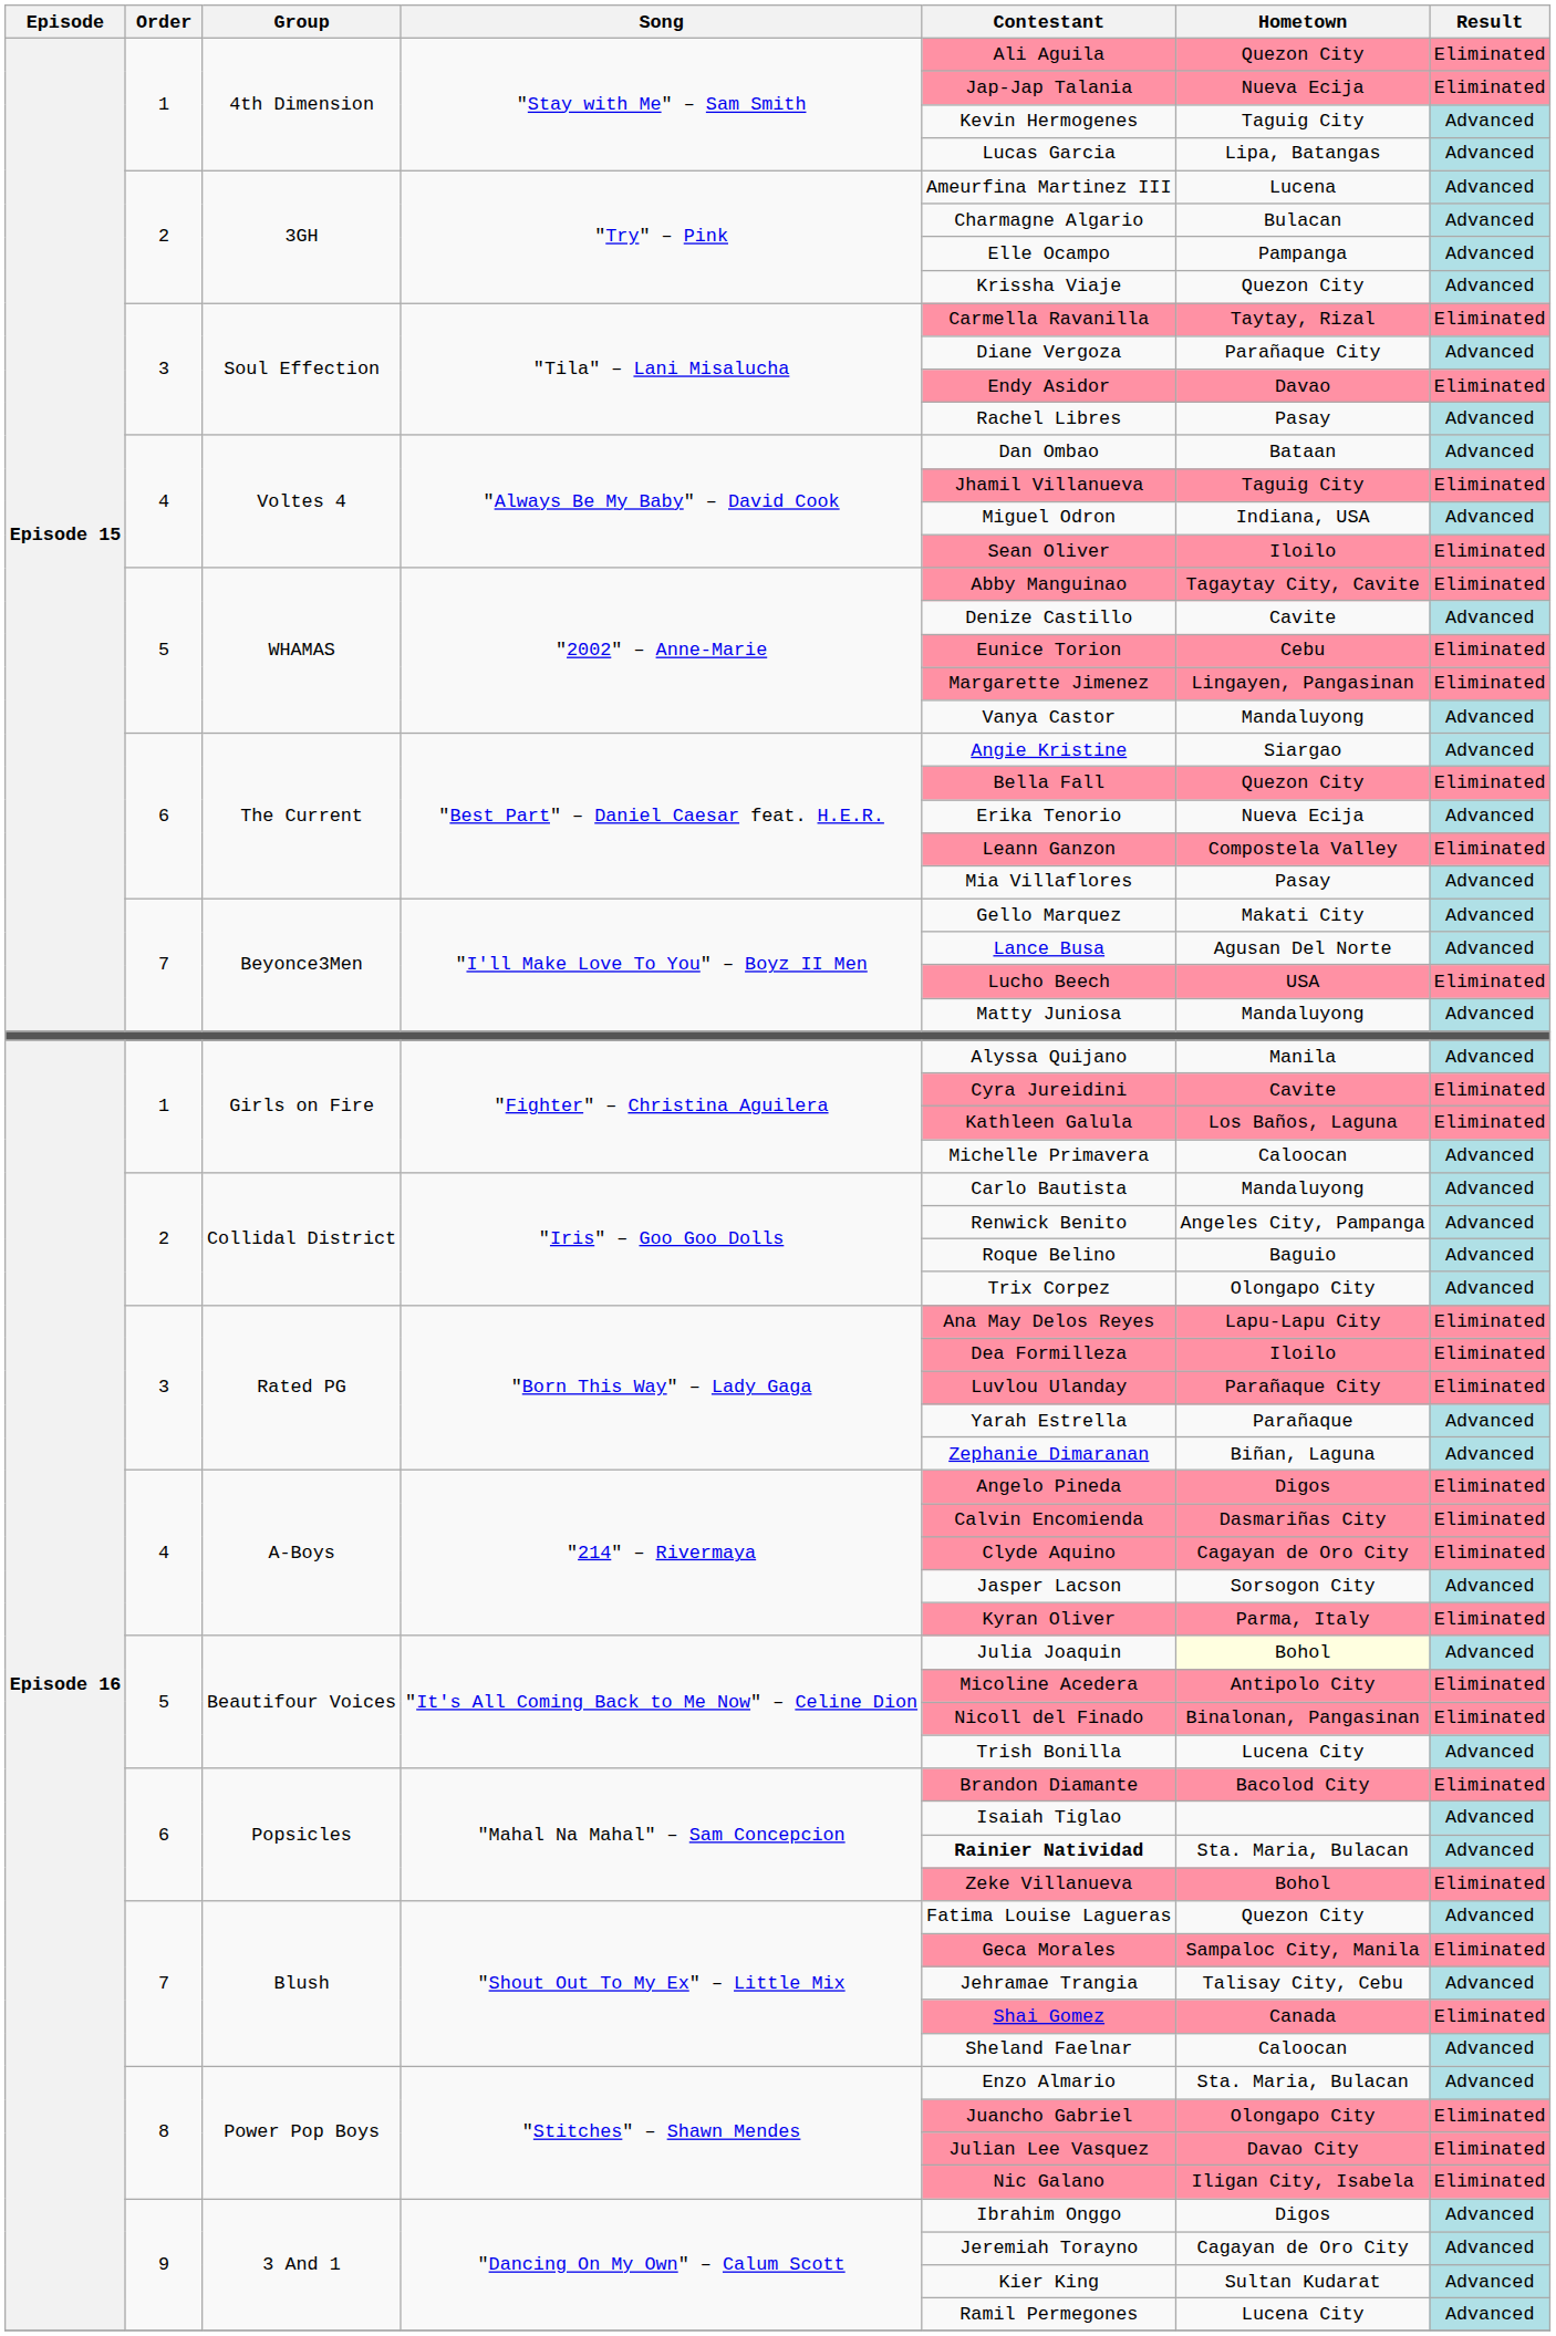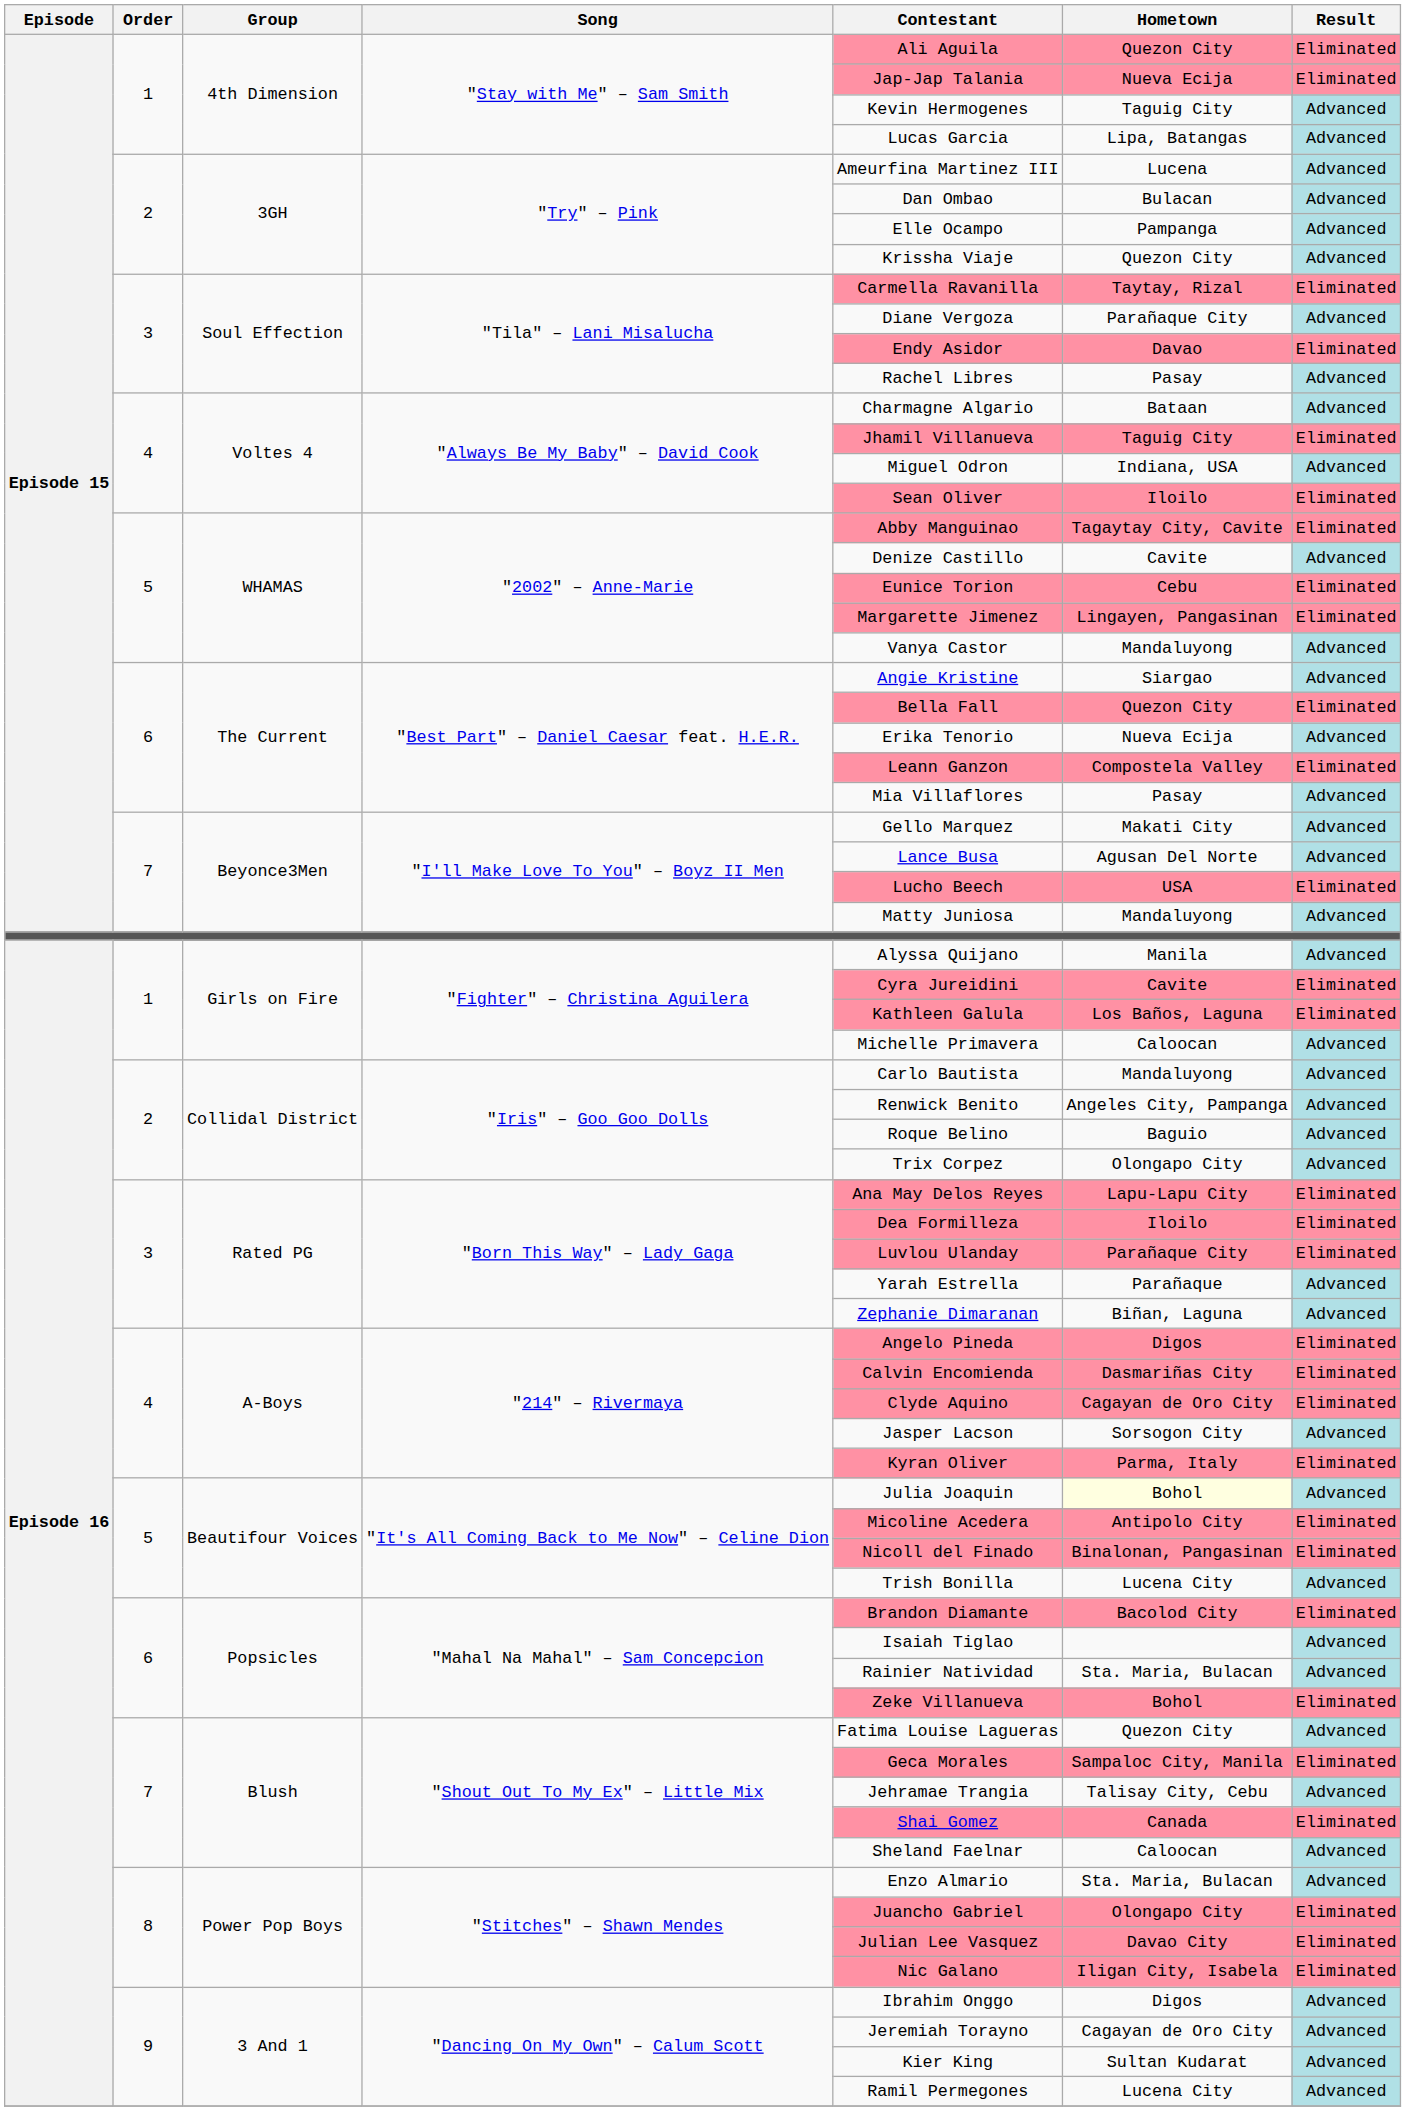 <table class="wikitable" style="text-align:center; line-height:17px; width:auto;">
 <tr>
 <th>Episode</th>
 <th style="width:5%;">Order</th>
 <th>Group</th>
 <th>Song</th>
 <th>Contestant</th>
 <th>Hometown</th>
 <th>Result</th>
 </tr>
 <tr>
 <th rowspan="30"><strong>Episode 15</strong><br><small><em></em></small></th>
 <td rowspan="4">1</td>
 <td rowspan="4">4th Dimension</td>
 <td rowspan="4">"<a href='#'>Stay with Me</a>" – <a href='#'>Sam Smith</a></td>
 <td bgcolor=#FF91A4>Ali Aguila</td>
 <td bgcolor=#FF91A4>Quezon City</td>
 <td bgcolor=#FF91A4>Eliminated</td>
 </tr>
 <tr>
 <td bgcolor=#FF91A4>Jap-Jap Talania</td>
 <td bgcolor=#FF91A4>Nueva Ecija</td>
 <td bgcolor=#FF91A4>Eliminated</td>
 </tr>
 <tr>
 <td>Kevin Hermogenes</td>
 <td>Taguig City</td>
 <td bgcolor=#B0E0E6>Advanced</td>
 </tr>
 <tr>
 <td>Lucas Garcia</td>
 <td>Lipa, Batangas</td>
 <td bgcolor=#B0E0E6>Advanced</td>
 </tr>
 <tr>
 <td rowspan="4">2</td>
 <td rowspan="4">3GH</td>
 <td rowspan="4">"<a href='#'>Try</a>" – <a href='#'>Pink</a></td>
 <td>Ameurfina Martinez III</td>
 <td>Lucena</td>
 <td bgcolor=#B0E0E6>Advanced</td>
 </tr>
 <tr>
-<td>Charmagne Algario</td>
+<td>Dan Ombao</td>
 <td>Bulacan</td>
 <td bgcolor=#B0E0E6>Advanced</td>
 </tr>
 <tr>
 <td>Elle Ocampo</td>
 <td>Pampanga</td>
 <td bgcolor=#B0E0E6>Advanced</td>
 </tr>
 <tr>
 <td>Krissha Viaje</td>
 <td>Quezon City</td>
 <td bgcolor=#B0E0E6>Advanced</td>
 </tr>
 <tr>
 <td rowspan="4">3</td>
 <td rowspan="4">Soul Effection</td>
 <td rowspan="4">"Tila" – <a href='#'>Lani Misalucha</a></td>
 <td bgcolor=#FF91A4>Carmella Ravanilla</td>
 <td bgcolor=#FF91A4>Taytay, Rizal</td>
 <td bgcolor=#FF91A4>Eliminated</td>
 </tr>
 <tr>
 <td>Diane Vergoza</td>
 <td>Parañaque City</td>
 <td bgcolor=#B0E0E6>Advanced</td>
 </tr>
 <tr>
 <td bgcolor=#FF91A4>Endy Asidor</td>
 <td bgcolor=#FF91A4>Davao</td>
 <td bgcolor=#FF91A4>Eliminated</td>
 </tr>
 <tr>
 <td>Rachel Libres</td>
 <td>Pasay</td>
 <td bgcolor=#B0E0E6>Advanced</td>
 </tr>
 <tr>
 <td rowspan="4">4</td>
 <td rowspan="4">Voltes 4</td>
 <td rowspan="4">"<a href='#'>Always Be My Baby</a>" – <a href='#'>David Cook</a></td>
-<td>Dan Ombao</td>
+<td>Charmagne Algario</td>
 <td>Bataan</td>
 <td bgcolor=#B0E0E6>Advanced</td>
 </tr>
 <tr>
 <td bgcolor=#FF91A4>Jhamil Villanueva</td>
 <td bgcolor=#FF91A4>Taguig City</td>
 <td bgcolor=#FF91A4>Eliminated</td>
 </tr>
 <tr>
 <td>Miguel Odron</td>
 <td>Indiana, USA</td>
 <td bgcolor=#B0E0E6>Advanced</td>
 </tr>
 <tr>
 <td bgcolor=#FF91A4>Sean Oliver</td>
 <td bgcolor=#FF91A4>Iloilo</td>
 <td bgcolor=#FF91A4>Eliminated</td>
 </tr>
 <tr>
 <td rowspan="5">5</td>
 <td rowspan="5">WHAMAS</td>
 <td rowspan="5">"<a href='#'>2002</a>" – <a href='#'>Anne-Marie</a></td>
 <td bgcolor=#FF91A4>Abby Manguinao</td>
 <td bgcolor=#FF91A4>Tagaytay City, Cavite</td>
 <td bgcolor=#FF91A4>Eliminated</td>
 </tr>
 <tr>
 <td>Denize Castillo</td>
 <td>Cavite</td>
 <td bgcolor=#B0E0E6>Advanced</td>
 </tr>
 <tr>
 <td bgcolor=#FF91A4>Eunice Torion</td>
 <td bgcolor=#FF91A4>Cebu</td>
 <td bgcolor=#FF91A4>Eliminated</td>
 </tr>
 <tr>
 <td bgcolor=#FF91A4>Margarette Jimenez</td>
 <td bgcolor=#FF91A4>Lingayen, Pangasinan</td>
 <td bgcolor=#FF91A4>Eliminated</td>
 </tr>
 <tr>
 <td>Vanya Castor</td>
 <td>Mandaluyong</td>
 <td bgcolor=#B0E0E6>Advanced</td>
 </tr>
 <tr>
 <td rowspan="5">6</td>
 <td rowspan="5">The Current</td>
 <td rowspan="5">"<a href='#'>Best Part</a>" – <a href='#'>Daniel Caesar</a> feat. <a href='#'>H.E.R.</a></td>
 <td><a href='#'>Angie Kristine</a></td>
 <td>Siargao</td>
 <td bgcolor=#B0E0E6>Advanced</td>
 </tr>
 <tr>
 <td bgcolor=#FF91A4>Bella Fall</td>
 <td bgcolor=#FF91A4>Quezon City</td>
 <td bgcolor=#FF91A4>Eliminated</td>
 </tr>
 <tr>
 <td>Erika Tenorio</td>
 <td>Nueva Ecija</td>
 <td bgcolor=#B0E0E6>Advanced</td>
 </tr>
 <tr>
 <td bgcolor=#FF91A4>Leann Ganzon</td>
 <td bgcolor=#FF91A4>Compostela Valley</td>
 <td bgcolor=#FF91A4>Eliminated</td>
 </tr>
 <tr>
 <td>Mia Villaflores</td>
 <td>Pasay</td>
 <td bgcolor=#B0E0E6>Advanced</td>
 </tr>
 <tr>
 <td rowspan="4">7</td>
 <td rowspan="4">Beyonce3Men</td>
 <td rowspan="4">"<a href='#'>I'll Make Love To You</a>" – <a href='#'>Boyz II Men</a></td>
 <td>Gello Marquez</td>
 <td>Makati City</td>
 <td bgcolor=#B0E0E6>Advanced</td>
 </tr>
 <tr>
 <td><a href='#'>Lance Busa</a></td>
 <td>Agusan Del Norte</td>
 <td bgcolor=#B0E0E6>Advanced</td>
 </tr>
 <tr>
 <td bgcolor=#FF91A4>Lucho Beech</td>
 <td bgcolor=#FF91A4>USA</td>
 <td bgcolor=#FF91A4>Eliminated</td>
 </tr>
 <tr>
 <td>Matty Juniosa</td>
 <td>Mandaluyong</td>
 <td bgcolor=#B0E0E6>Advanced</td>
 </tr>
 <tr>
 <td colspan="7" style="background:#555;"></td>
 </tr>
 <tr>
 <th rowspan="39"><strong>Episode 16</strong><br><small><em></em></small></th>
 <td rowspan="4">1</td>
 <td rowspan="4">Girls on Fire</td>
 <td rowspan="4">"<a href='#'>Fighter</a>" – <a href='#'>Christina Aguilera</a></td>
 <td>Alyssa Quijano</td>
 <td>Manila</td>
 <td bgcolor=#B0E0E6>Advanced</td>
 </tr>
 <tr>
 <td bgcolor=#FF91A4>Cyra Jureidini</td>
 <td bgcolor=#FF91A4>Cavite</td>
 <td bgcolor=#FF91A4>Eliminated</td>
 </tr>
 <tr>
 <td bgcolor=#FF91A4>Kathleen Galula</td>
 <td bgcolor=#FF91A4>Los Baños, Laguna</td>
 <td bgcolor=#FF91A4>Eliminated</td>
 </tr>
 <tr>
 <td>Michelle Primavera</td>
 <td>Caloocan</td>
 <td bgcolor=#B0E0E6>Advanced</td>
 </tr>
 <tr>
 <td rowspan="4">2</td>
 <td rowspan="4">Collidal District</td>
 <td rowspan="4">"<a href='#'>Iris</a>" – <a href='#'>Goo Goo Dolls</a></td>
 <td>Carlo Bautista</td>
 <td>Mandaluyong</td>
 <td bgcolor=#B0E0E6>Advanced</td>
 </tr>
 <tr>
 <td>Renwick Benito</td>
 <td>Angeles City, Pampanga</td>
 <td bgcolor=#B0E0E6>Advanced</td>
 </tr>
 <tr>
 <td>Roque Belino</td>
 <td>Baguio</td>
 <td bgcolor=#B0E0E6>Advanced</td>
 </tr>
 <tr>
 <td>Trix Corpez</td>
 <td>Olongapo City</td>
 <td bgcolor=#B0E0E6>Advanced</td>
 </tr>
 <tr>
 <td rowspan="5">3</td>
 <td rowspan="5">Rated PG</td>
 <td rowspan="5">"<a href='#'>Born This Way</a>" – <a href='#'>Lady Gaga</a></td>
 <td bgcolor=#FF91A4>Ana May Delos Reyes</td>
 <td bgcolor=#FF91A4>Lapu-Lapu City</td>
 <td bgcolor=#FF91A4>Eliminated</td>
 </tr>
 <tr>
 <td bgcolor=#FF91A4>Dea Formilleza</td>
 <td bgcolor=#FF91A4>Iloilo</td>
 <td bgcolor=#FF91A4>Eliminated</td>
 </tr>
 <tr>
 <td bgcolor=#FF91A4>Luvlou Ulanday</td>
 <td bgcolor=#FF91A4>Parañaque City</td>
 <td bgcolor=#FF91A4>Eliminated</td>
 </tr>
 <tr>
 <td>Yarah Estrella</td>
 <td>Parañaque</td>
 <td bgcolor=#B0E0E6>Advanced</td>
 </tr>
 <tr>
 <td><a href='#'>Zephanie Dimaranan</a></td>
 <td>Biñan, Laguna</td>
 <td bgcolor=#B0E0E6>Advanced</td>
 </tr>
 <tr>
 <td rowspan="5">4</td>
 <td rowspan="5">A-Boys</td>
 <td rowspan="5">"<a href='#'>214</a>" – <a href='#'>Rivermaya</a></td>
 <td bgcolor=#FF91A4>Angelo Pineda</td>
 <td bgcolor=#FF91A4>Digos</td>
 <td bgcolor=#FF91A4>Eliminated</td>
 </tr>
 <tr>
 <td bgcolor=#FF91A4>Calvin Encomienda</td>
 <td bgcolor=#FF91A4>Dasmariñas City</td>
 <td bgcolor=#FF91A4>Eliminated</td>
 </tr>
 <tr>
 <td bgcolor=#FF91A4>Clyde Aquino</td>
 <td bgcolor=#FF91A4>Cagayan de Oro City</td>
 <td bgcolor=#FF91A4>Eliminated</td>
 </tr>
 <tr>
 <td>Jasper Lacson</td>
 <td>Sorsogon City</td>
 <td bgcolor=#B0E0E6>Advanced</td>
 </tr>
 <tr>
 <td bgcolor=#FF91A4>Kyran Oliver</td>
 <td bgcolor=#FF91A4>Parma, Italy</td>
 <td bgcolor=#FF91A4>Eliminated</td>
 </tr>
 <tr>
 <td rowspan="4">5</td>
 <td rowspan="4">Beautifour Voices</td>
 <td rowspan="4">"<a href='#'>It's All Coming Back to Me Now</a>" – <a href='#'>Celine Dion</a></td>
 <td>Julia Joaquin</td>
 <td style="background: lightyellow;">Bohol</td>
 <td bgcolor=#B0E0E6>Advanced</td>
 </tr>
 <tr>
 <td bgcolor=#FF91A4>Micoline Acedera</td>
 <td bgcolor=#FF91A4>Antipolo City</td>
 <td bgcolor=#FF91A4>Eliminated</td>
 </tr>
 <tr>
 <td bgcolor=#FF91A4>Nicoll del Finado</td>
 <td bgcolor=#FF91A4>Binalonan, Pangasinan</td>
 <td bgcolor=#FF91A4>Eliminated</td>
 </tr>
 <tr>
 <td>Trish Bonilla</td>
 <td>Lucena City</td>
 <td bgcolor=#B0E0E6>Advanced</td>
 </tr>
 <tr>
 <td rowspan="4">6</td>
 <td rowspan="4">Popsicles</td>
 <td rowspan="4">"Mahal Na Mahal" – <a href='#'>Sam Concepcion</a></td>
 <td bgcolor=#FF91A4>Brandon Diamante</td>
 <td bgcolor=#FF91A4>Bacolod City</td>
 <td bgcolor=#FF91A4>Eliminated</td>
 </tr>
 <tr>
 <td>Isaiah Tiglao</td>
 <td></td>
 <td bgcolor=#B0E0E6>Advanced</td>
 </tr>
 <tr>
-<td><strong>Rainier Natividad</strong></td>
+<td>Rainier Natividad</td>
 <td>Sta. Maria, Bulacan</td>
 <td bgcolor=#B0E0E6>Advanced</td>
 </tr>
 <tr>
 <td bgcolor=#FF91A4>Zeke Villanueva</td>
 <td bgcolor=#FF91A4>Bohol</td>
 <td bgcolor=#FF91A4>Eliminated</td>
 </tr>
 <tr>
 <td rowspan="5">7</td>
 <td rowspan="5">Blush</td>
 <td rowspan="5">"<a href='#'>Shout Out To My Ex</a>" – <a href='#'>Little Mix</a></td>
 <td>Fatima Louise Lagueras</td>
 <td>Quezon City</td>
 <td bgcolor=#B0E0E6>Advanced</td>
 </tr>
 <tr>
 <td bgcolor=#FF91A4>Geca Morales</td>
 <td bgcolor=#FF91A4>Sampaloc City, Manila</td>
 <td bgcolor=#FF91A4>Eliminated</td>
 </tr>
 <tr>
 <td>Jehramae Trangia</td>
 <td>Talisay City, Cebu</td>
 <td bgcolor=#B0E0E6>Advanced</td>
 </tr>
 <tr>
 <td bgcolor=#FF91A4><a href='#'>Shai Gomez</a></td>
 <td bgcolor=#FF91A4>Canada</td>
 <td bgcolor=#FF91A4>Eliminated</td>
 </tr>
 <tr>
 <td>Sheland Faelnar</td>
 <td>Caloocan</td>
 <td bgcolor=#B0E0E6>Advanced</td>
 </tr>
 <tr>
 <td rowspan="4">8</td>
 <td rowspan="4">Power Pop Boys</td>
 <td rowspan="4">"<a href='#'>Stitches</a>" – <a href='#'>Shawn Mendes</a></td>
 <td>Enzo Almario</td>
 <td>Sta. Maria, Bulacan</td>
 <td bgcolor=#B0E0E6>Advanced</td>
 </tr>
 <tr>
 <td bgcolor=#FF91A4>Juancho Gabriel</td>
 <td bgcolor=#FF91A4>Olongapo City</td>
 <td bgcolor=#FF91A4>Eliminated</td>
 </tr>
 <tr>
 <td bgcolor=#FF91A4>Julian Lee Vasquez</td>
 <td bgcolor=#FF91A4>Davao City</td>
 <td bgcolor=#FF91A4>Eliminated</td>
 </tr>
 <tr>
 <td bgcolor=#FF91A4>Nic Galano</td>
 <td bgcolor=#FF91A4>Iligan City, Isabela</td>
 <td bgcolor=#FF91A4>Eliminated</td>
 </tr>
 <tr>
 <td rowspan="4">9</td>
 <td rowspan="4">3 And 1</td>
 <td rowspan="4">"<a href='#'>Dancing On My Own</a>" – <a href='#'>Calum Scott</a></td>
 <td>Ibrahim Onggo</td>
 <td>Digos</td>
 <td bgcolor=#B0E0E6>Advanced</td>
 </tr>
 <tr>
 <td>Jeremiah Torayno</td>
 <td>Cagayan de Oro City</td>
 <td bgcolor=#B0E0E6>Advanced</td>
 </tr>
 <tr>
 <td>Kier King</td>
 <td>Sultan Kudarat</td>
 <td bgcolor=#B0E0E6>Advanced</td>
 </tr>
 <tr>
 <td>Ramil Permegones</td>
 <td>Lucena City</td>
 <td bgcolor=#B0E0E6>Advanced</td>
 </tr>
 <tr>
 </tr>
 </table>
